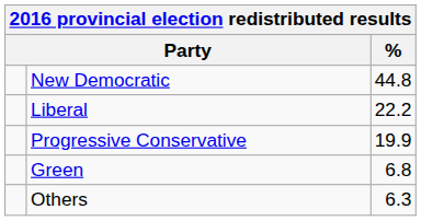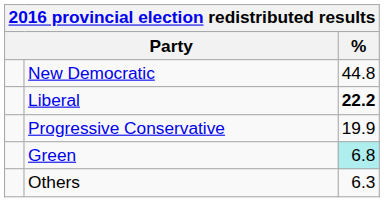 <table class="wikitable">
 <tr>
 <th colspan="4"><a href='#'>2016 provincial election</a> redistributed results</th>
 </tr>
 <tr>
 <th bgcolor="#DDDDFF" width="130px" colspan="2">Party</th>
 <th bgcolor="#DDDDFF" width="30px">%</th>
 </tr>
 <tr>
 <td> </td>
 <td><a href='#'>New Democratic</a></td>
 <td align=right>44.8</td>
 </tr>
 <tr>
 <td> </td>
 <td><a href='#'>Liberal</a></td>
-<td align=right>22.2</td>
+<td align=right><strong>22.2</strong></td>
 </tr>
 <tr>
 <td> </td>
 <td><a href='#'>Progressive Conservative</a></td>
 <td align=right>19.9</td>
 </tr>
 <tr>
 <td> </td>
 <td><a href='#'>Green</a></td>
-<td align=right>6.8</td>
+<td align=right style="background: paleturquoise;">6.8</td>
 </tr>
 <tr>
 <td> </td>
 <td>Others</td>
 <td align=right>6.3</td>
 </tr>
 </table>
